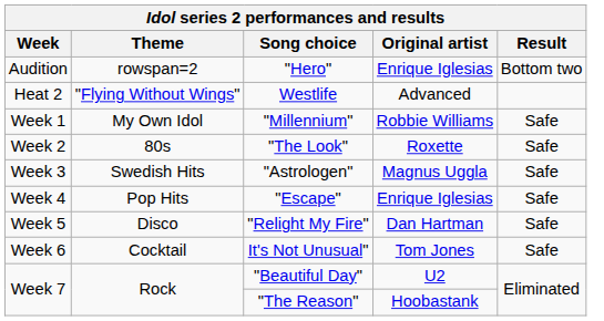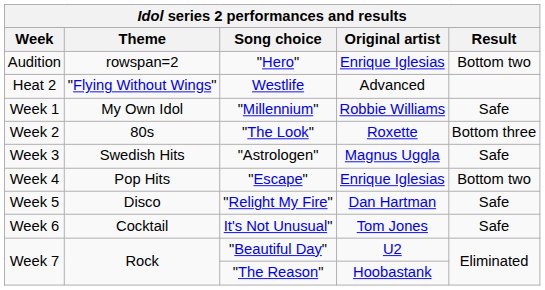 <table class="wikitable collapsible collapsed">
 <tr>
 <th colspan="5"><em>Idol</em> series 2 performances and results</th>
 </tr>
 <tr>
 <th>Week</th>
 <th>Theme</th>
 <th>Song choice</th>
 <th>Original artist</th>
 <th>Result</th>
 </tr>
 <tr style="text-align:center;">
 <td>Audition</td>
 <td>rowspan=2 </td>
 <td>"<a href='#'>Hero</a>"</td>
 <td><a href='#'>Enrique Iglesias</a></td>
 <td>Bottom two</td>
 </tr>
 <tr style="text-align:center;">
 <td>Heat 2</td>
 <td>"<a href='#'>Flying Without Wings</a>"</td>
 <td><a href='#'>Westlife</a></td>
 <td>Advanced</td>
 </tr>
 <tr style="text-align:center;">
 <td>Week 1</td>
 <td>My Own Idol</td>
 <td>"<a href='#'>Millennium</a>"</td>
 <td><a href='#'>Robbie Williams</a></td>
 <td>Safe</td>
 </tr>
 <tr style="text-align:center;">
 <td>Week 2</td>
 <td>80s</td>
 <td>"<a href='#'>The Look</a>"</td>
 <td><a href='#'>Roxette</a></td>
-<td>Safe</td>
+<td>Bottom three</td>
 </tr>
 <tr style="text-align:center;">
 <td>Week 3</td>
 <td>Swedish Hits</td>
 <td>"Astrologen"</td>
 <td><a href='#'>Magnus Uggla</a></td>
 <td>Safe</td>
 </tr>
 <tr style="text-align:center;">
 <td>Week 4</td>
 <td>Pop Hits</td>
 <td>"<a href='#'>Escape</a>"</td>
 <td><a href='#'>Enrique Iglesias</a></td>
-<td>Safe</td>
+<td>Bottom two</td>
 </tr>
 <tr style="text-align:center;">
 <td>Week 5</td>
 <td>Disco</td>
 <td>"<a href='#'>Relight My Fire</a>"</td>
 <td><a href='#'>Dan Hartman</a></td>
 <td>Safe</td>
 </tr>
 <tr style="text-align:center;">
 <td>Week 6</td>
 <td>Cocktail</td>
 <td><a href='#'>It's Not Unusual</a>"</td>
 <td><a href='#'>Tom Jones</a></td>
 <td>Safe</td>
 </tr>
 <tr style="text-align:center;">
 <td rowspan="2">Week 7</td>
 <td rowspan=2>Rock</td>
 <td>"<a href='#'>Beautiful Day</a>"</td>
 <td><a href='#'>U2</a></td>
 <td rowspan="2">Eliminated</td>
 </tr>
 <tr style="text-align:center;">
 <td>"<a href='#'>The Reason</a>"</td>
 <td><a href='#'>Hoobastank</a></td>
 </tr>
 </table>
